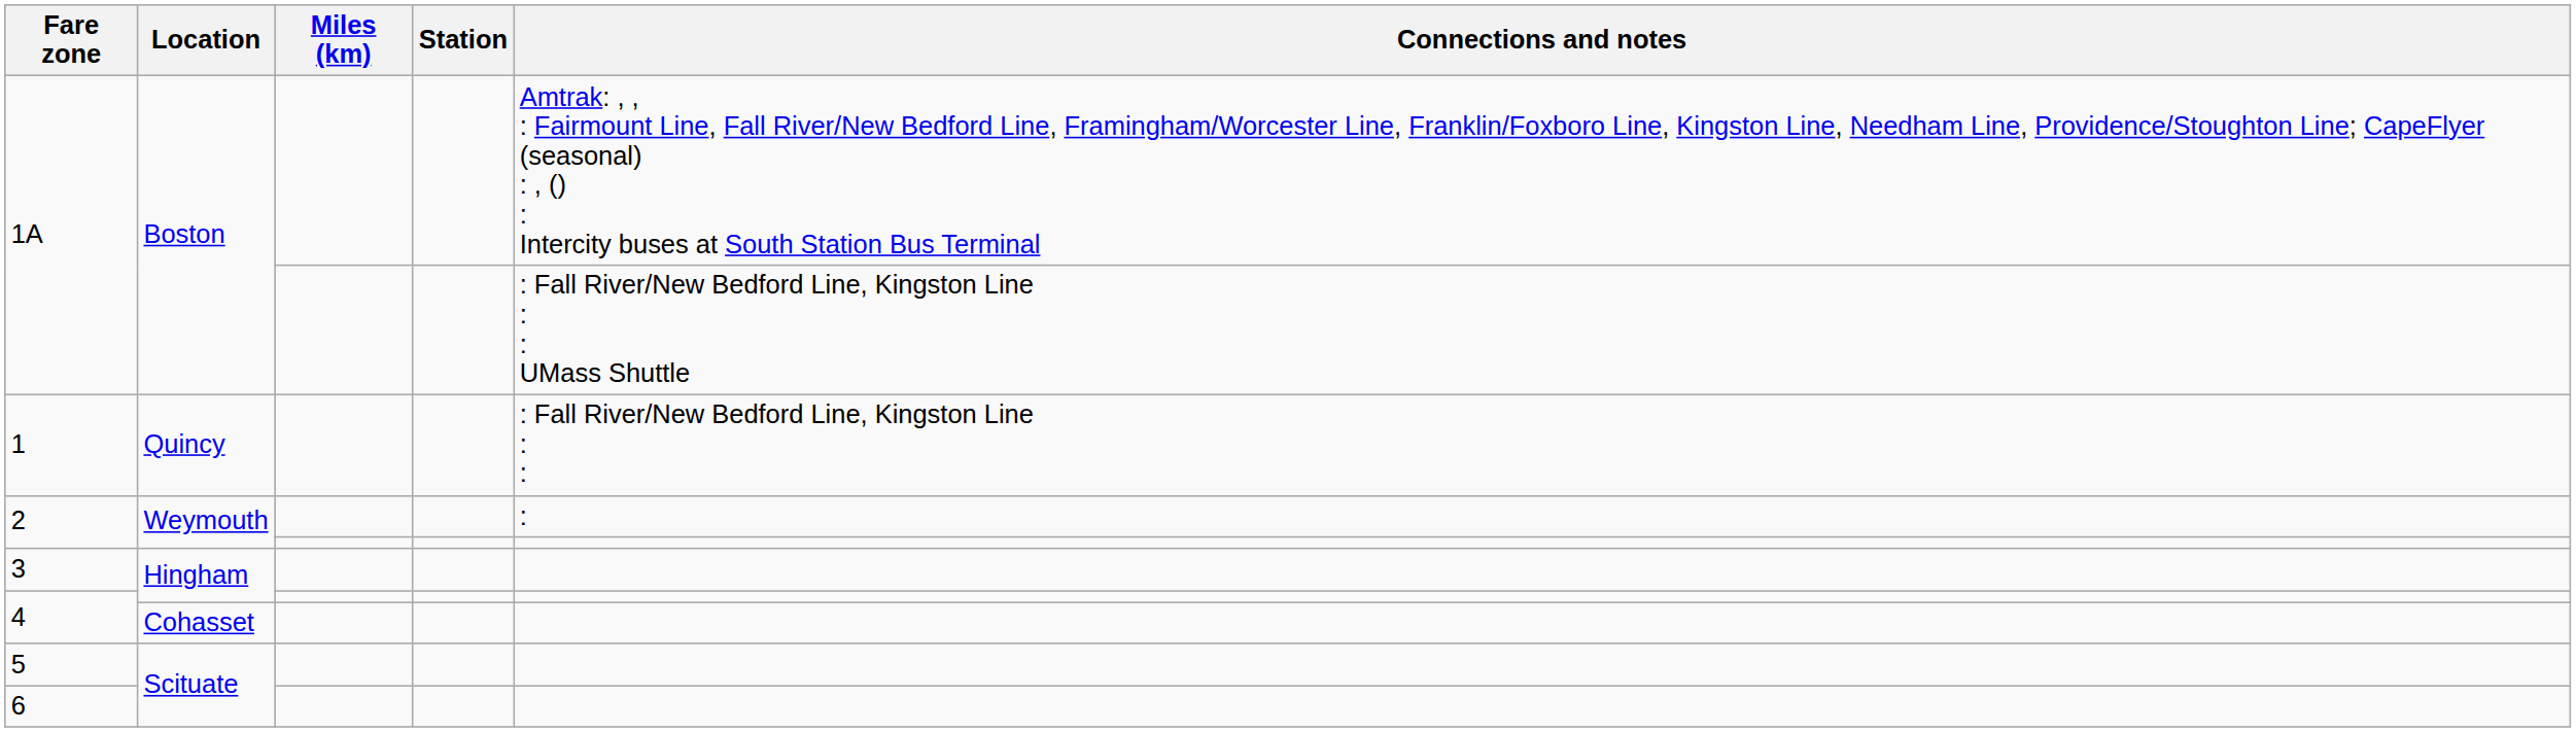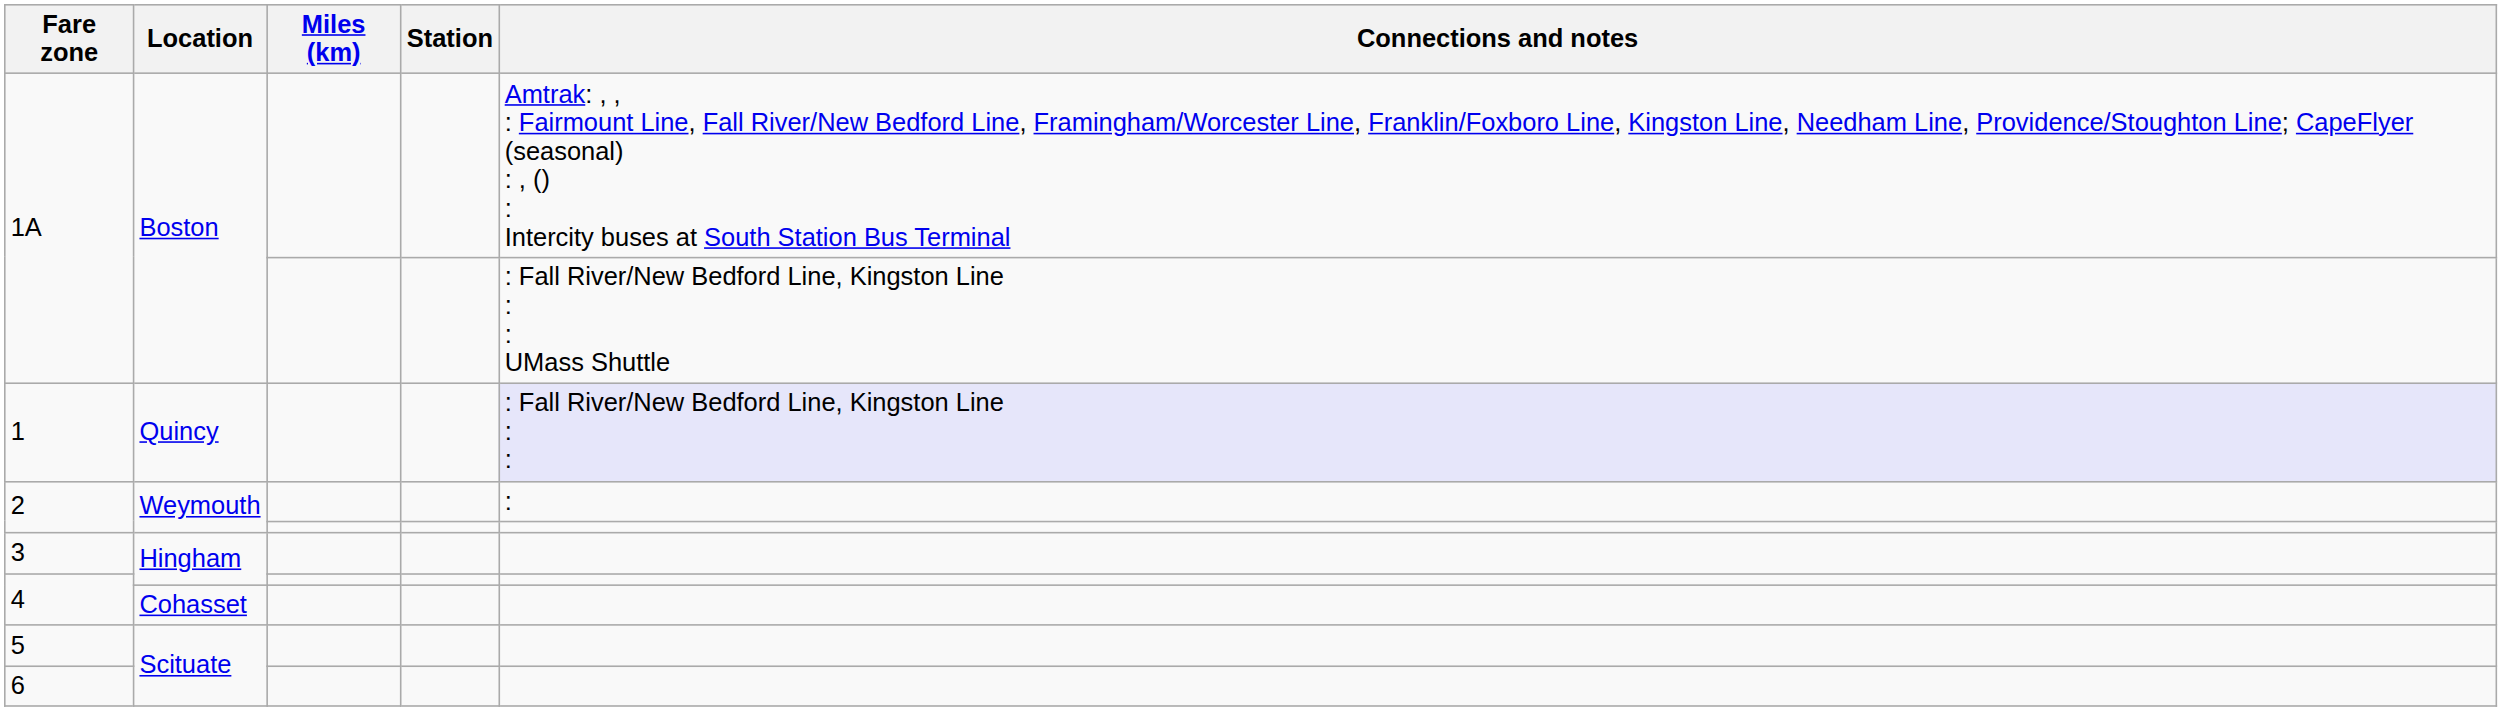 <table class="wikitable">
 <tr>
 <th>Fare zone</th>
 <th>Location</th>
 <th><a href='#'>Miles (km)</a></th>
 <th>Station</th>
 <th>Connections and notes</th>
 </tr>
 <tr>
 <td rowspan="2">1A</td>
 <td rowspan="2"><a href='#'>Boston</a></td>
 <td></td>
 <td> </td>
 <td> <a href='#'>Amtrak</a>: , , <br>: <a href='#'>Fairmount Line</a>, <a href='#'>Fall River/New Bedford Line</a>, <a href='#'>Framingham/Worcester Line</a>, <a href='#'>Franklin/Foxboro Line</a>, <a href='#'>Kingston Line</a>, <a href='#'>Needham Line</a>, <a href='#'>Providence/Stoughton Line</a>; <a href='#'>CapeFlyer</a> (seasonal)<br>: ,  ()<br>: <br> Intercity buses at <a href='#'>South Station Bus Terminal</a></td>
 </tr>
 <tr>
 <td></td>
 <td> </td>
 <td>: Fall River/New Bedford Line, Kingston Line<br>: <br>: <br> UMass Shuttle</td>
 </tr>
 <tr>
 <td>1</td>
 <td><a href='#'>Quincy</a></td>
 <td></td>
 <td> </td>
-<td>: Fall River/New Bedford Line, Kingston Line<br>: <br>: </td>
+<td style="background: lavender;">: Fall River/New Bedford Line, Kingston Line<br>: <br>: </td>
 </tr>
 <tr>
 <td rowspan="2">2</td>
 <td rowspan="2"><a href='#'>Weymouth</a></td>
 <td></td>
 <td> </td>
 <td>: </td>
 </tr>
 <tr>
 <td></td>
 <td> </td>
 <td></td>
 </tr>
 <tr>
 <td>3</td>
 <td rowspan="2"><a href='#'>Hingham</a></td>
 <td></td>
 <td> </td>
 <td></td>
 </tr>
 <tr>
 <td rowspan="2">4</td>
 <td></td>
 <td> </td>
 <td></td>
 </tr>
 <tr>
 <td><a href='#'>Cohasset</a></td>
 <td></td>
 <td> </td>
 <td></td>
 </tr>
 <tr>
 <td>5</td>
 <td rowspan="2"><a href='#'>Scituate</a></td>
 <td></td>
 <td> </td>
 <td></td>
 </tr>
 <tr>
 <td>6</td>
 <td></td>
 <td> </td>
 <td></td>
 </tr>
 </table>
